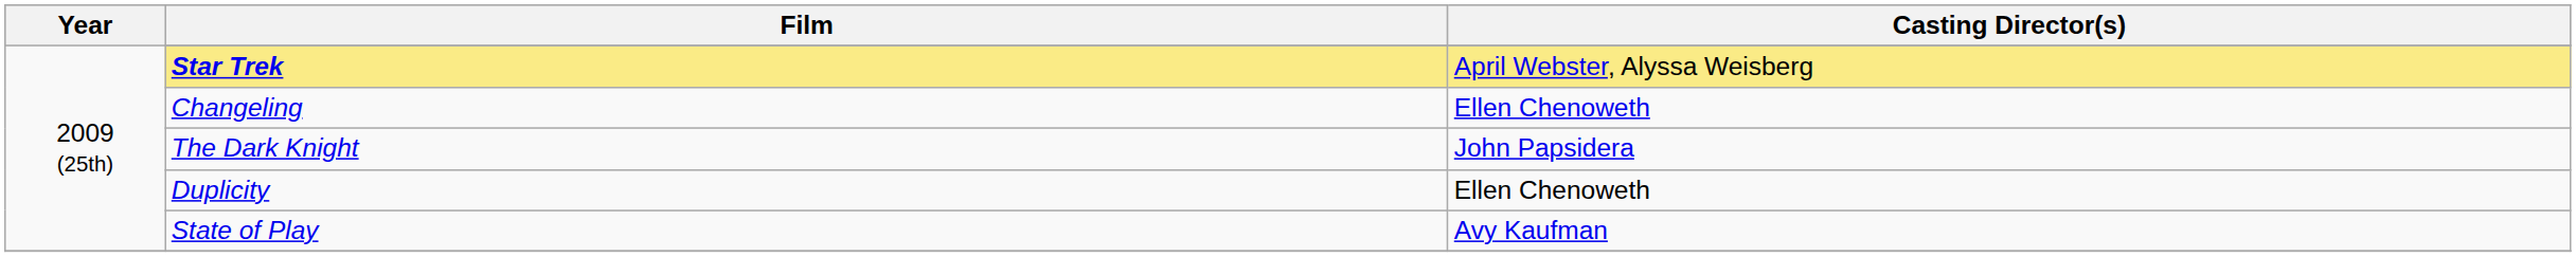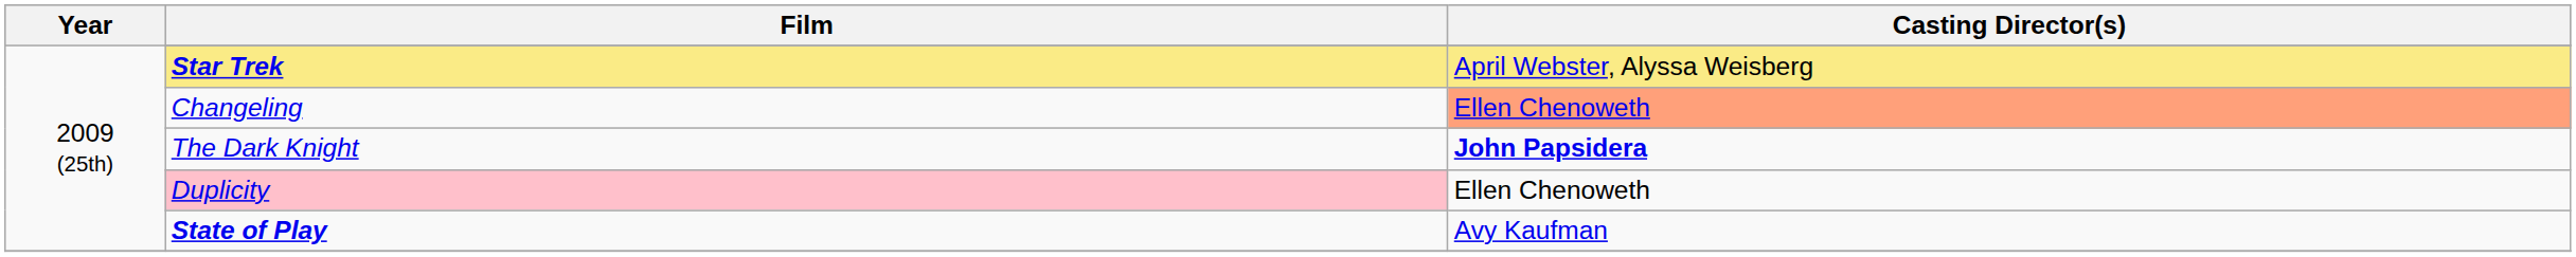 <table class="wikitable" style="width:100%">
 <tr bgcolor="#bebebe">
 <th width="5%">Year</th>
 <th width="40%">Film</th>
 <th width="35%">Casting Director(s)</th>
 </tr>
 <tr>
 <td rowspan=6 style="text-align:center">2009<br><small>(25th)</small><br></td>
 </tr>
 <tr style="background:#FAEB86">
 <td><strong><em><a href='#'>Star Trek</a></em></strong></td>
 <td><a href='#'>April Webster</a>, Alyssa Weisberg</td>
 </tr>
 <tr>
 <td><em><a href='#'>Changeling</a></em></td>
-<td><a href='#'>Ellen Chenoweth</a></td>
+<td style="background: lightsalmon;"><a href='#'>Ellen Chenoweth</a></td>
 </tr>
 <tr>
 <td><em><a href='#'>The Dark Knight</a></em></td>
-<td><a href='#'>John Papsidera</a></td>
+<td><strong><a href='#'>John Papsidera</a></strong></td>
 </tr>
 <tr>
-<td><em><a href='#'>Duplicity</a></em></td>
+<td style="background: pink;"><em><a href='#'>Duplicity</a></em></td>
 <td>Ellen Chenoweth</td>
 </tr>
 <tr>
-<td><em><a href='#'>State of Play</a></em></td>
+<td><strong><em><a href='#'>State of Play</a></em></strong></td>
 <td><a href='#'>Avy Kaufman</a></td>
 </tr>
 <tr>
 </tr>
 </table>
